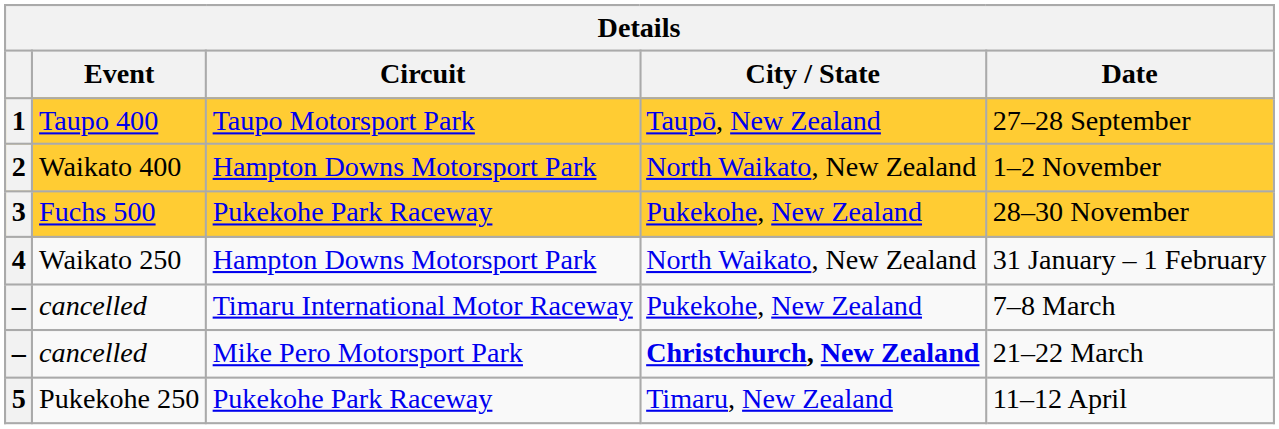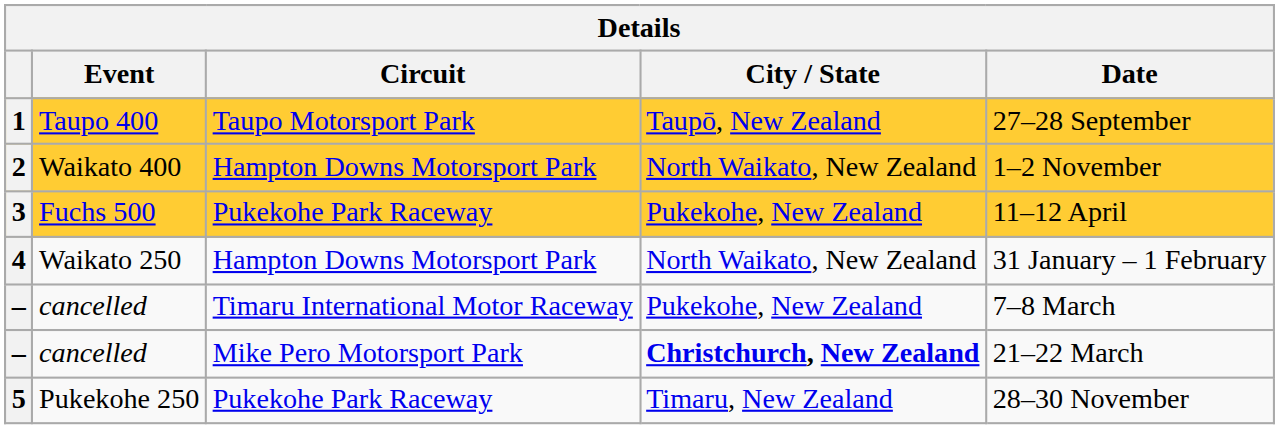 <table class="wikitable" style="font-size: 85%">
 <tr>
 <th colspan="5">Details</th>
 </tr>
 <tr>
 <th></th>
 <th>Event</th>
 <th>Circuit</th>
 <th>City / State</th>
 <th>Date</th>
 </tr>
 <tr style="background:#FFCC33;">
 <th>1</th>
 <td><a href='#'>Taupo 400</a></td>
 <td><a href='#'>Taupo Motorsport Park</a></td>
 <td><a href='#'>Taupō</a>, <a href='#'>New Zealand</a></td>
 <td>27–28 September</td>
 </tr>
 <tr style="background:#FFCC33;">
 <th>2</th>
 <td>Waikato 400</td>
 <td><a href='#'>Hampton Downs Motorsport Park</a></td>
 <td><a href='#'>North Waikato</a>, New Zealand</td>
 <td>1–2 November</td>
 </tr>
 <tr style="background:#FFCC33;">
 <th>3</th>
 <td><a href='#'>Fuchs 500</a></td>
 <td><a href='#'>Pukekohe Park Raceway</a></td>
 <td><a href='#'>Pukekohe</a>, <a href='#'>New Zealand</a></td>
-<td>28–30 November</td>
+<td>11–12 April</td>
 </tr>
 <tr>
 <th>4</th>
 <td>Waikato 250</td>
 <td><a href='#'>Hampton Downs Motorsport Park</a></td>
 <td><a href='#'>North Waikato</a>, New Zealand</td>
 <td>31 January – 1 February</td>
 </tr>
 <tr>
 <th>–</th>
 <td><em>cancelled</em></td>
 <td><a href='#'>Timaru International Motor Raceway</a></td>
 <td><a href='#'>Pukekohe</a>, <a href='#'>New Zealand</a></td>
 <td>7–8 March</td>
 </tr>
 <tr>
 <th>–</th>
 <td><em>cancelled</em></td>
 <td><a href='#'>Mike Pero Motorsport Park</a></td>
 <td><strong><a href='#'>Christchurch</a>, <a href='#'>New Zealand</a></strong></td>
 <td>21–22 March</td>
 </tr>
 <tr>
 <th>5</th>
 <td>Pukekohe 250</td>
 <td><a href='#'>Pukekohe Park Raceway</a></td>
 <td><a href='#'>Timaru</a>, <a href='#'>New Zealand</a></td>
-<td>11–12 April</td>
+<td>28–30 November</td>
 </tr>
 </table>
